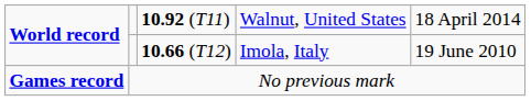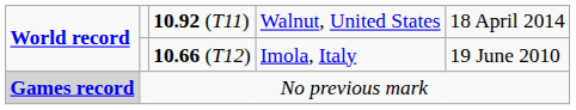 <table class="wikitable">
 <tr>
 <td rowspan=2><a href='#'><strong>World record</strong></a></td>
 <td></td>
 <td><strong>10.92</strong> (<em>T11</em>)</td>
 <td><a href='#'>Walnut</a>, <a href='#'>United States</a></td>
 <td>18 April 2014</td>
 </tr>
 <tr>
 <td></td>
 <td><strong>10.66</strong> (<em>T12</em>)</td>
 <td><a href='#'>Imola</a>, <a href='#'>Italy</a></td>
 <td>19 June 2010</td>
 </tr>
 <tr>
-<td><a href='#'><strong>Games record</strong></a></td>
+<td style="background: lightgrey;"><a href='#'><strong>Games record</strong></a></td>
 <td align="center" colspan=4><em>No previous mark</em></td>
 </tr>
 </table>
